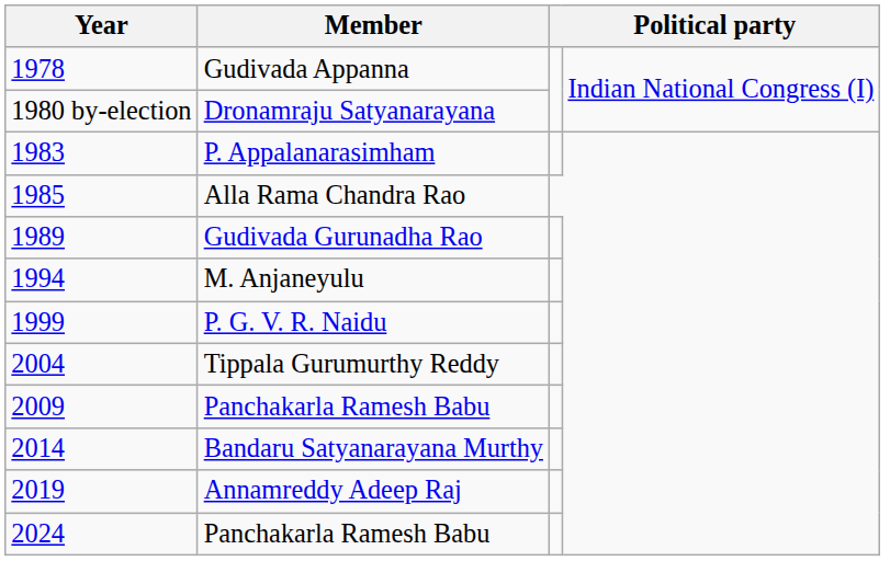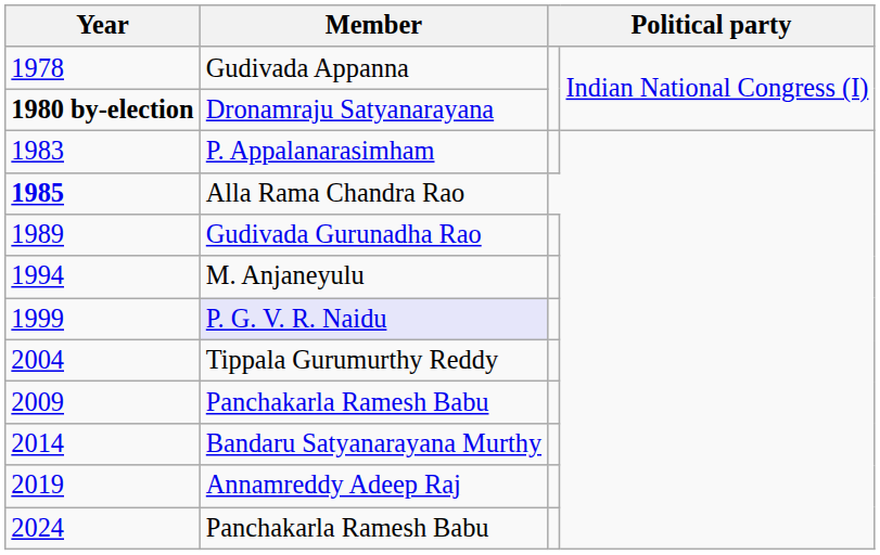 <table class="wikitable sortable">
 <tr>
 <th>Year</th>
 <th>Member</th>
 <th colspan="2">Political party</th>
 </tr>
 <tr>
 <td><a href='#'>1978</a></td>
 <td>Gudivada Appanna</td>
 <td rowspan=2 style="background-color: "></td>
 <td rowspan=2><a href='#'>Indian National Congress (I)</a></td>
 </tr>
 <tr>
-<td>1980 by-election</td>
+<td><strong>1980 by-election</strong></td>
 <td><a href='#'>Dronamraju Satyanarayana</a></td>
 </tr>
 <tr>
 <td><a href='#'>1983</a></td>
 <td><a href='#'>P. Appalanarasimham</a></td>
 <td></td>
 </tr>
 <tr>
-<td><a href='#'>1985</a></td>
+<td><strong><a href='#'>1985</a></strong></td>
 <td>Alla Rama Chandra Rao</td>
 </tr>
 <tr>
 <td><a href='#'>1989</a></td>
 <td><a href='#'>Gudivada Gurunadha Rao</a></td>
 <td></td>
 </tr>
 <tr>
 <td><a href='#'>1994</a></td>
 <td>M. Anjaneyulu</td>
 <td></td>
 </tr>
 <tr>
 <td><a href='#'>1999</a></td>
-<td><a href='#'>P. G. V. R. Naidu</a></td>
+<td style="background: lavender;"><a href='#'>P. G. V. R. Naidu</a></td>
 <td></td>
 </tr>
 <tr>
 <td><a href='#'>2004</a></td>
 <td>Tippala Gurumurthy Reddy</td>
 <td></td>
 </tr>
 <tr>
 <td><a href='#'>2009</a></td>
 <td><a href='#'>Panchakarla Ramesh Babu</a></td>
 <td></td>
 </tr>
 <tr>
 <td><a href='#'>2014</a></td>
 <td><a href='#'>Bandaru Satyanarayana Murthy</a></td>
 <td></td>
 </tr>
 <tr>
 <td><a href='#'>2019</a></td>
 <td><a href='#'>Annamreddy Adeep Raj</a></td>
 <td></td>
 </tr>
 <tr>
 <td><a href='#'>2024</a></td>
 <td>Panchakarla Ramesh Babu</td>
 <td></td>
 </tr>
 </table>
